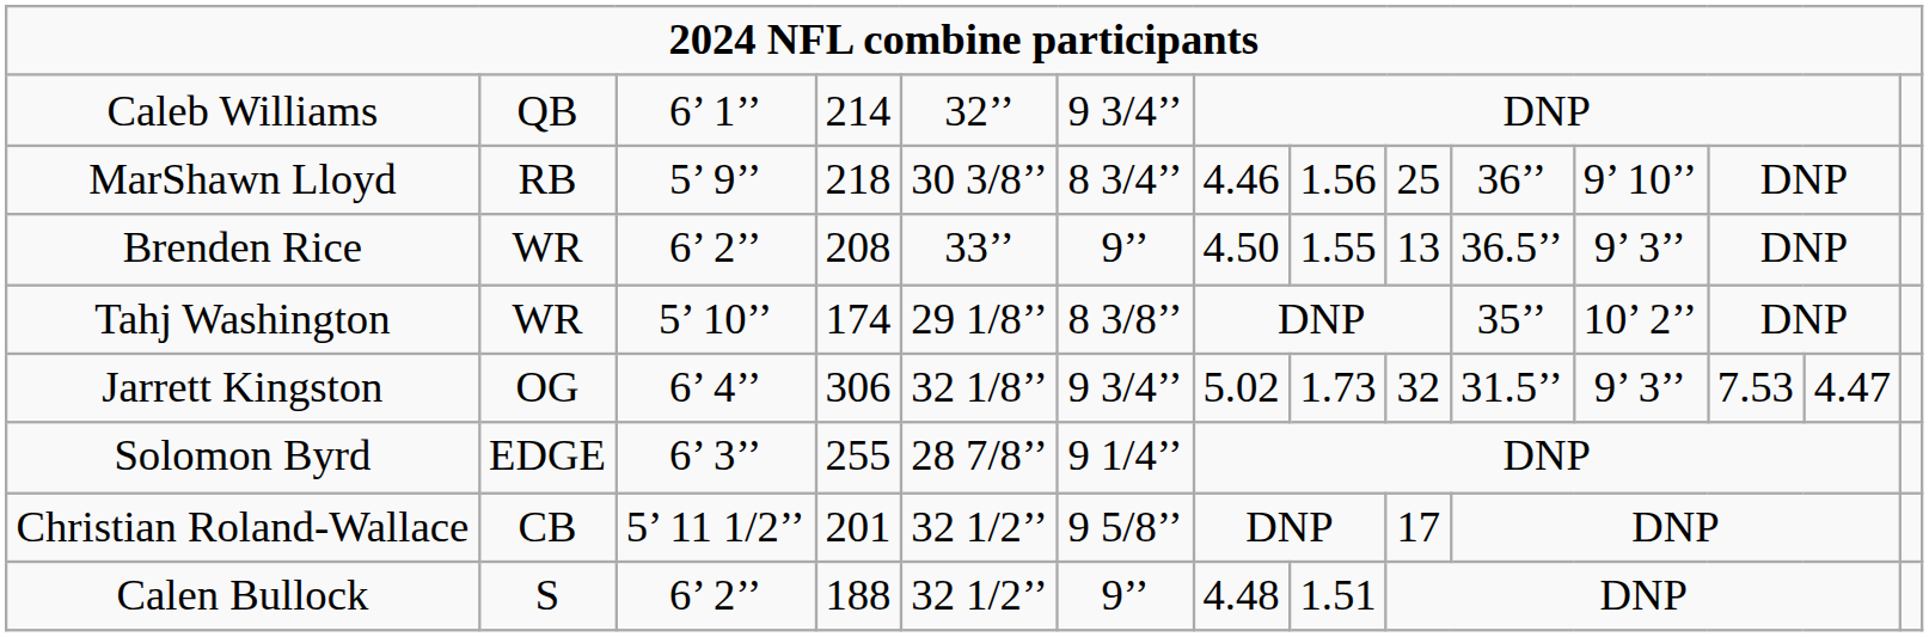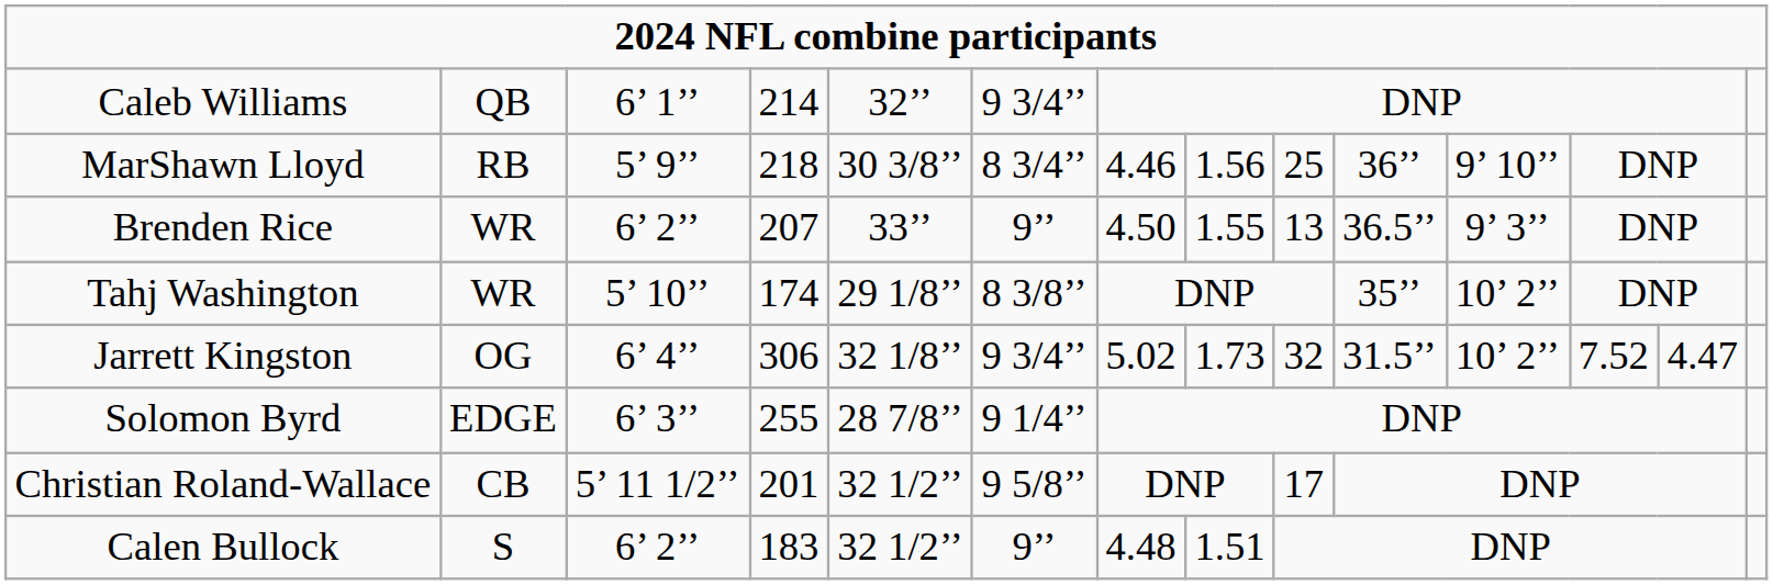 <table class="wikitable sortable" style="text-align:center" "width:75%;">
 <tr>
 <td colspan="14" style="font-weight:bold; ">2024 NFL combine participants<br></td>
 </tr>
 <tr>
 <td>Caleb Williams</td>
 <td>QB</td>
 <td>6’ 1’’</td>
 <td>214</td>
 <td>32’’</td>
 <td>9 3/4’’</td>
 <td colspan="7">DNP</td>
 <td></td>
 </tr>
 <tr>
 <td>MarShawn Lloyd</td>
 <td>RB</td>
 <td>5’ 9’’</td>
 <td>218</td>
 <td>30 3/8’’</td>
 <td>8 3/4’’</td>
 <td>4.46</td>
 <td>1.56</td>
 <td>25</td>
 <td>36’’</td>
 <td>9’ 10’’</td>
 <td colspan="2">DNP</td>
 <td></td>
 </tr>
 <tr>
 <td>Brenden Rice</td>
 <td>WR</td>
 <td>6’ 2’’</td>
-<td>208</td>
+<td>207</td>
 <td>33’’</td>
 <td>9’’</td>
 <td>4.50</td>
 <td>1.55</td>
 <td>13</td>
 <td>36.5’’</td>
 <td>9’ 3’’</td>
 <td colspan="2">DNP</td>
 <td></td>
 </tr>
 <tr>
 <td>Tahj Washington</td>
 <td>WR</td>
 <td>5’ 10’’</td>
 <td>174</td>
 <td>29 1/8’’</td>
 <td>8 3/8’’</td>
 <td colspan="3">DNP</td>
 <td>35’’</td>
 <td>10’ 2’’</td>
 <td colspan="2">DNP</td>
 <td></td>
 </tr>
 <tr>
 <td>Jarrett Kingston</td>
 <td>OG</td>
 <td>6’ 4’’</td>
 <td>306</td>
 <td>32 1/8’’</td>
 <td>9 3/4’’</td>
 <td>5.02</td>
 <td>1.73</td>
 <td>32</td>
 <td>31.5’’</td>
-<td>9’ 3’’</td>
-<td>7.53</td>
+<td>10’ 2’’</td>
+<td>7.52</td>
 <td>4.47</td>
 <td></td>
 </tr>
 <tr>
 <td>Solomon Byrd</td>
 <td>EDGE</td>
 <td>6’ 3’’</td>
 <td>255</td>
 <td>28 7/8’’</td>
 <td>9 1/4’’</td>
 <td colspan="7">DNP</td>
 <td></td>
 </tr>
 <tr>
 <td>Christian Roland-Wallace</td>
 <td>CB</td>
 <td>5’ 11 1/2’’</td>
 <td>201</td>
 <td>32 1/2’’</td>
 <td>9 5/8’’</td>
 <td colspan="2">DNP</td>
 <td>17</td>
 <td colspan="4">DNP</td>
 <td></td>
 </tr>
 <tr>
 <td>Calen Bullock</td>
 <td>S</td>
 <td>6’ 2’’</td>
-<td>188</td>
+<td>183</td>
 <td>32 1/2’’</td>
 <td>9’’</td>
 <td>4.48</td>
 <td>1.51</td>
 <td colspan="5">DNP</td>
 <td></td>
 </tr>
 </table>
